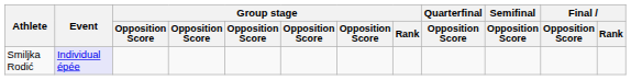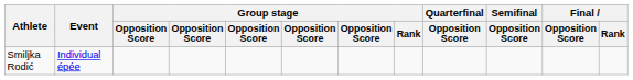 <table class=wikitable style="font-size:90%">
 <tr>
 <th rowspan=2>Athlete</th>
 <th rowspan=2>Event</th>
 <th colspan=6>Group stage</th>
 <th>Quarterfinal</th>
 <th>Semifinal</th>
 <th colspan=2>Final / </th>
 </tr>
 <tr style="font-size:95%">
 <th>Opposition<br>Score</th>
 <th>Opposition<br>Score</th>
 <th>Opposition<br>Score</th>
 <th>Opposition<br>Score</th>
 <th>Opposition<br>Score</th>
 <th>Rank</th>
 <th>Opposition<br>Score</th>
 <th>Opposition<br>Score</th>
 <th>Opposition<br>Score</th>
 <th>Rank</th>
 </tr>
 <tr align=center>
 <td align=left>Smiljka Rodić</td>
-<td align=left rowspan=1 style="background: lavender;"><a href='#'>Individual épée</a></td>
+<td align=left rowspan=1><a href='#'>Individual épée</a></td>
 <td></td>
 <td></td>
 <td></td>
 <td></td>
 <td></td>
 <td></td>
 <td></td>
 <td></td>
 <td></td>
 <td></td>
 </tr>
 </table>
